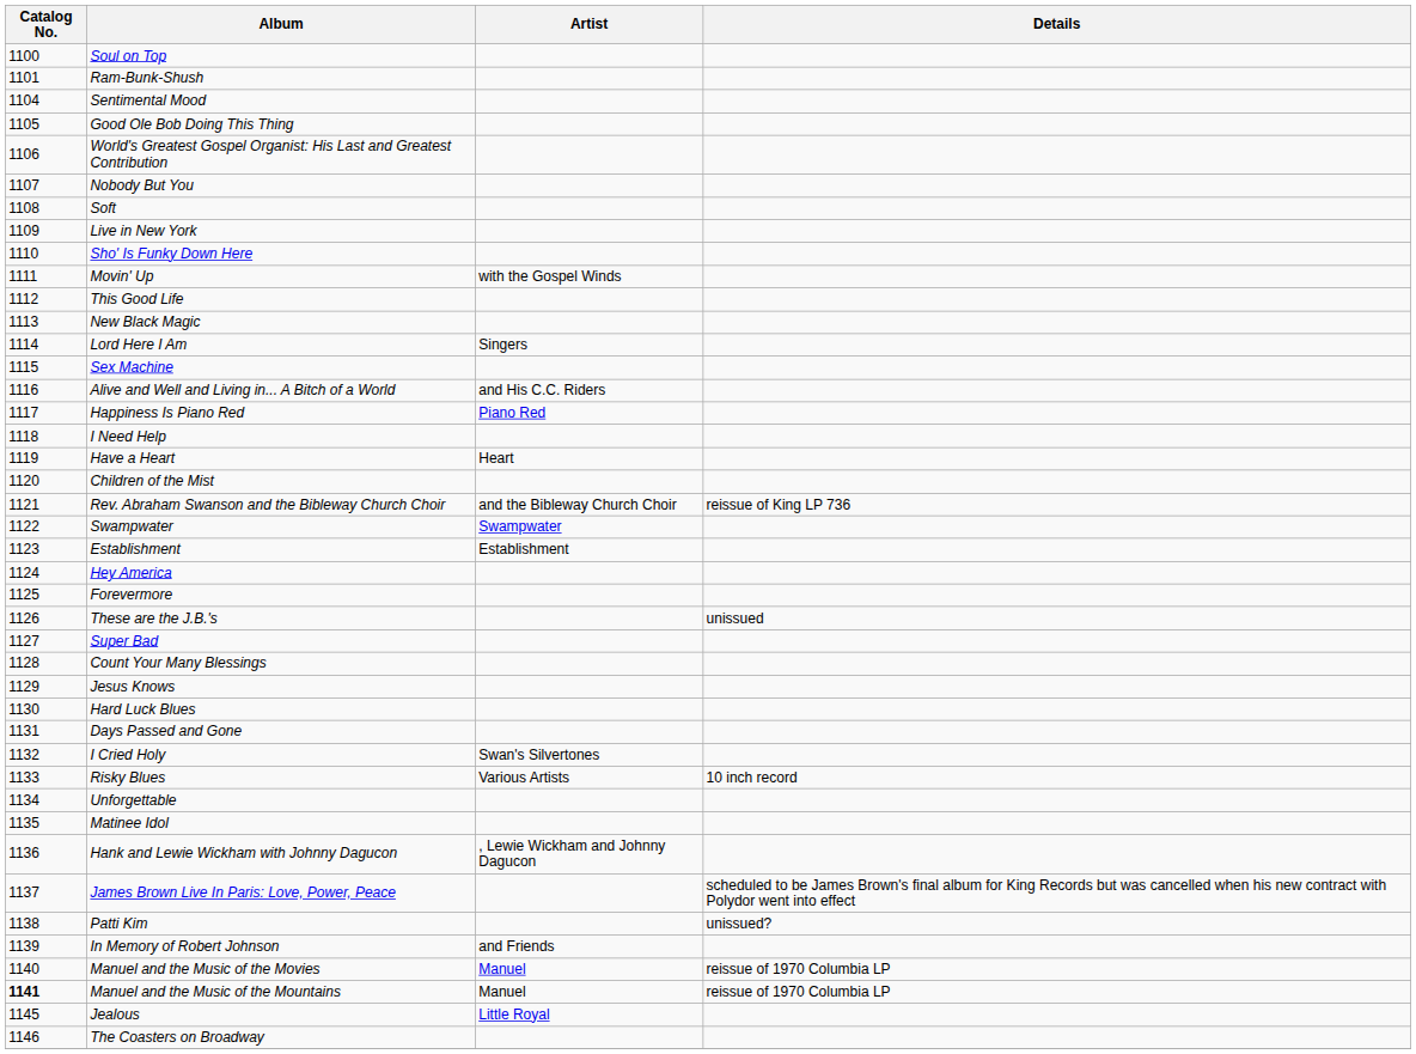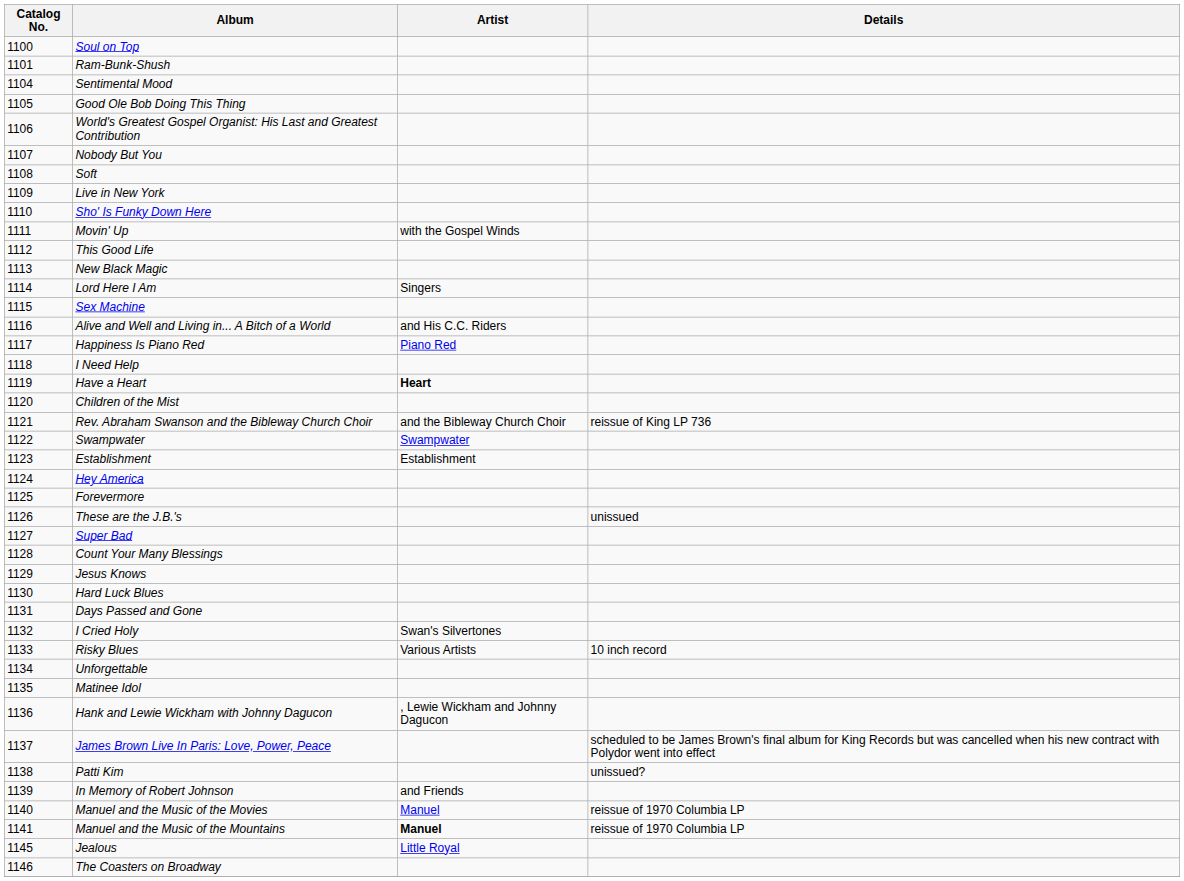 <table class="wikitable sortable">
 <tr>
 <th>Catalog No.</th>
 <th>Album</th>
 <th>Artist</th>
 <th>Details</th>
 </tr>
 <tr>
 <td>1100</td>
 <td><em><a href='#'>Soul on Top</a></em></td>
 <td></td>
 <td></td>
 </tr>
 <tr>
 <td>1101</td>
 <td><em>Ram-Bunk-Shush</em></td>
 <td></td>
 <td></td>
 </tr>
 <tr>
 <td>1104</td>
 <td><em>Sentimental Mood</em></td>
 <td></td>
 <td></td>
 </tr>
 <tr>
 <td>1105</td>
 <td><em>Good Ole Bob Doing This Thing</em></td>
 <td></td>
 <td></td>
 </tr>
 <tr>
 <td>1106</td>
 <td><em>World's Greatest Gospel Organist: His Last and Greatest Contribution</em></td>
 <td></td>
 <td></td>
 </tr>
 <tr>
 <td>1107</td>
 <td><em>Nobody But You</em></td>
 <td></td>
 <td></td>
 </tr>
 <tr>
 <td>1108</td>
 <td><em>Soft</em></td>
 <td></td>
 <td></td>
 </tr>
 <tr>
 <td>1109</td>
 <td><em>Live in New York</em></td>
 <td></td>
 <td></td>
 </tr>
 <tr>
 <td>1110</td>
 <td><em><a href='#'>Sho' Is Funky Down Here</a></em></td>
 <td></td>
 <td></td>
 </tr>
 <tr>
 <td>1111</td>
 <td><em>Movin' Up</em></td>
 <td> with the Gospel Winds</td>
 <td></td>
 </tr>
 <tr>
 <td>1112</td>
 <td><em>This Good Life</em></td>
 <td></td>
 <td></td>
 </tr>
 <tr>
 <td>1113</td>
 <td><em>New Black Magic</em></td>
 <td></td>
 <td></td>
 </tr>
 <tr>
 <td>1114</td>
 <td><em>Lord Here I Am</em></td>
 <td> Singers</td>
 <td></td>
 </tr>
 <tr>
 <td>1115</td>
 <td><em><a href='#'>Sex Machine</a></em></td>
 <td></td>
 <td></td>
 </tr>
 <tr>
 <td>1116</td>
 <td><em>Alive and Well and Living in... A Bitch of a World</em></td>
 <td> and His C.C. Riders</td>
 <td></td>
 </tr>
 <tr>
 <td>1117</td>
 <td><em>Happiness Is Piano Red</em></td>
 <td><a href='#'>Piano Red</a></td>
 <td></td>
 </tr>
 <tr>
 <td>1118</td>
 <td><em>I Need Help</em></td>
 <td></td>
 <td></td>
 </tr>
 <tr>
 <td>1119</td>
 <td><em>Have a Heart</em></td>
-<td>Heart</td>
+<td><strong>Heart</strong></td>
 <td></td>
 </tr>
 <tr>
 <td>1120</td>
 <td><em>Children of the Mist</em></td>
 <td></td>
 <td></td>
 </tr>
 <tr>
 <td>1121</td>
 <td><em>Rev. Abraham Swanson and the Bibleway Church Choir</em></td>
 <td> and the Bibleway Church Choir</td>
 <td>reissue of King LP 736</td>
 </tr>
 <tr>
 <td>1122</td>
 <td><em>Swampwater</em></td>
 <td><a href='#'>Swampwater</a></td>
 <td></td>
 </tr>
 <tr>
 <td>1123</td>
 <td><em>Establishment</em></td>
 <td>Establishment</td>
 <td></td>
 </tr>
 <tr>
 <td>1124</td>
 <td><em><a href='#'>Hey America</a></em></td>
 <td></td>
 <td></td>
 </tr>
 <tr>
 <td>1125</td>
 <td><em>Forevermore</em></td>
 <td></td>
 <td></td>
 </tr>
 <tr>
 <td>1126</td>
 <td><em>These are the J.B.'s</em></td>
 <td></td>
 <td>unissued</td>
 </tr>
 <tr>
 <td>1127</td>
 <td><em><a href='#'>Super Bad</a></em></td>
 <td></td>
 <td></td>
 </tr>
 <tr>
 <td>1128</td>
 <td><em>Count Your Many Blessings</em></td>
 <td></td>
 <td></td>
 </tr>
 <tr>
 <td>1129</td>
 <td><em>Jesus Knows</em></td>
 <td></td>
 <td></td>
 </tr>
 <tr>
 <td>1130</td>
 <td><em>Hard Luck Blues</em></td>
 <td></td>
 <td></td>
 </tr>
 <tr>
 <td>1131</td>
 <td><em>Days Passed and Gone</em></td>
 <td></td>
 <td></td>
 </tr>
 <tr>
 <td>1132</td>
 <td><em>I Cried Holy</em></td>
 <td>Swan's Silvertones</td>
 <td></td>
 </tr>
 <tr>
 <td>1133</td>
 <td><em>Risky Blues</em></td>
 <td>Various Artists</td>
 <td>10 inch record</td>
 </tr>
 <tr>
 <td>1134</td>
 <td><em>Unforgettable</em></td>
 <td></td>
 <td></td>
 </tr>
 <tr>
 <td>1135</td>
 <td><em>Matinee Idol</em></td>
 <td></td>
 <td></td>
 </tr>
 <tr>
 <td>1136</td>
 <td><em>Hank and Lewie Wickham with Johnny Dagucon</em></td>
 <td>, Lewie Wickham and Johnny Dagucon</td>
 <td></td>
 </tr>
 <tr>
 <td>1137</td>
 <td><em><a href='#'>James Brown Live In Paris: Love, Power, Peace</a></em></td>
 <td></td>
 <td>scheduled to be James Brown's final album for King Records but was cancelled when his new contract with Polydor went into effect</td>
 </tr>
 <tr>
 <td>1138</td>
 <td><em>Patti Kim</em></td>
 <td></td>
 <td>unissued?</td>
 </tr>
 <tr>
 <td>1139</td>
 <td><em>In Memory of Robert Johnson</em></td>
 <td> and Friends</td>
 <td></td>
 </tr>
 <tr>
 <td>1140</td>
 <td><em>Manuel and the Music of the Movies</em></td>
 <td><a href='#'>Manuel</a></td>
 <td>reissue of 1970 Columbia LP</td>
 </tr>
 <tr>
-<td><strong>1141</strong></td>
+<td>1141</td>
 <td><em>Manuel and the Music of the Mountains</em></td>
-<td>Manuel</td>
+<td><strong>Manuel</strong></td>
 <td>reissue of 1970 Columbia LP</td>
 </tr>
 <tr>
 <td>1145</td>
 <td><em>Jealous</em></td>
 <td><a href='#'>Little Royal</a></td>
 <td></td>
 </tr>
 <tr>
 <td>1146</td>
 <td><em>The Coasters on Broadway</em></td>
 <td></td>
 <td></td>
 </tr>
 <tr>
 </tr>
 </table>
